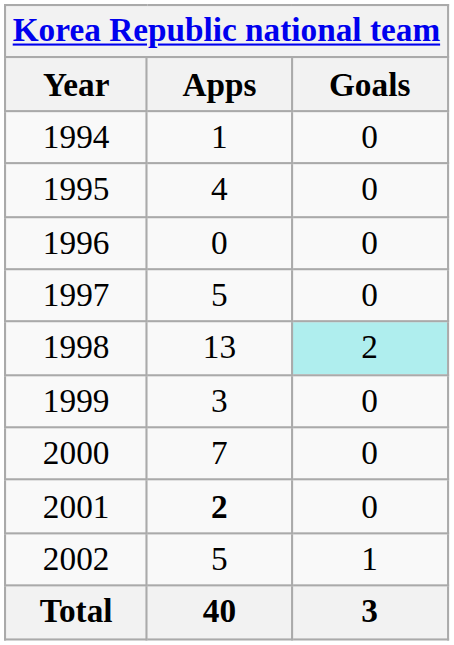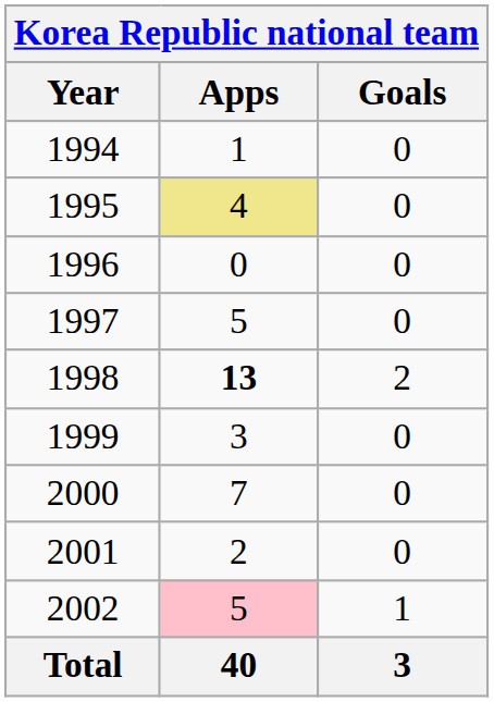 <table class="wikitable" style="text-align:center">
 <tr>
 <th colspan=3><a href='#'>Korea Republic national team</a></th>
 </tr>
 <tr>
 <th>Year</th>
 <th>Apps</th>
 <th>Goals</th>
 </tr>
 <tr>
 <td>1994</td>
 <td>1</td>
 <td>0</td>
 </tr>
 <tr>
 <td>1995</td>
-<td>4</td>
+<td style="background: khaki;">4</td>
 <td>0</td>
 </tr>
 <tr>
 <td>1996</td>
 <td>0</td>
 <td>0</td>
 </tr>
 <tr>
 <td>1997</td>
 <td>5</td>
 <td>0</td>
 </tr>
 <tr>
 <td>1998</td>
-<td>13</td>
-<td style="background: paleturquoise;">2</td>
+<td><strong>13</strong></td>
+<td>2</td>
 </tr>
 <tr>
 <td>1999</td>
 <td>3</td>
 <td>0</td>
 </tr>
 <tr>
 <td>2000</td>
 <td>7</td>
 <td>0</td>
 </tr>
 <tr>
 <td>2001</td>
-<td><strong>2</strong></td>
+<td>2</td>
 <td>0</td>
 </tr>
 <tr>
 <td>2002</td>
-<td>5</td>
+<td style="background: pink;">5</td>
 <td>1</td>
 </tr>
 <tr>
 <th>Total</th>
 <th>40</th>
 <th>3</th>
 </tr>
 </table>
